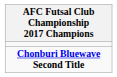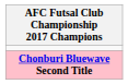 <table class="wikitable" style="text-align: center; margin: 0 auto; width: 20%">
 <tr>
 <th>AFC Futsal Club Championship<br> 2017 Champions</th>
 </tr>
 <tr>
 <td></td>
 </tr>
 <tr>
-<td><strong><a href='#'>Chonburi Bluewave</a></strong><br><strong>Second Title</strong></td>
+<td style="background: pink;"><strong><a href='#'>Chonburi Bluewave</a></strong><br><strong>Second Title</strong></td>
 </tr>
 </table>
